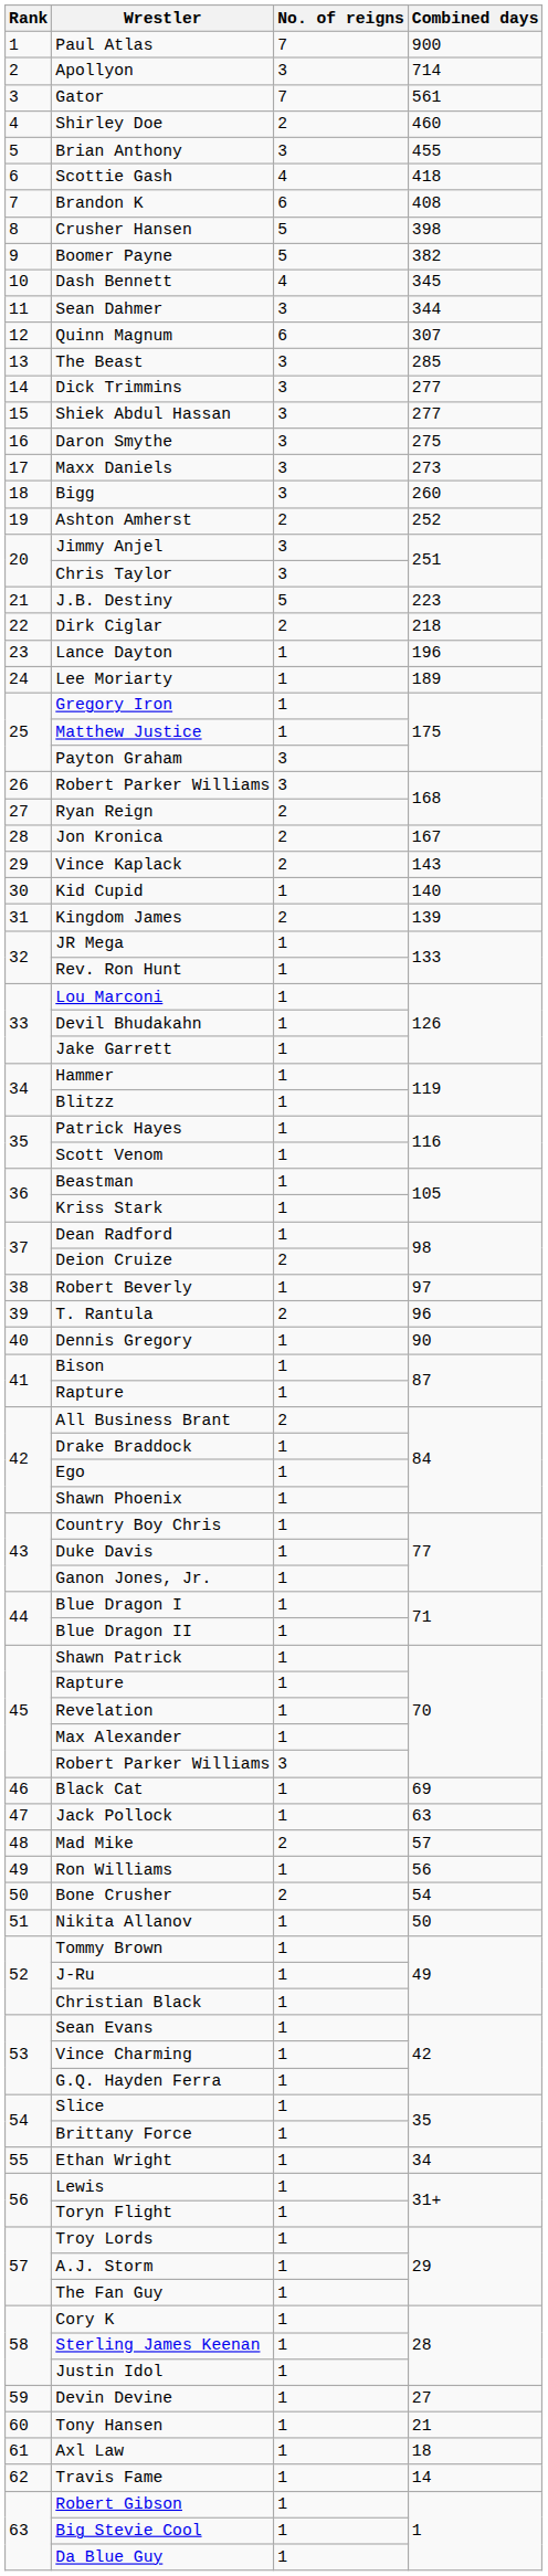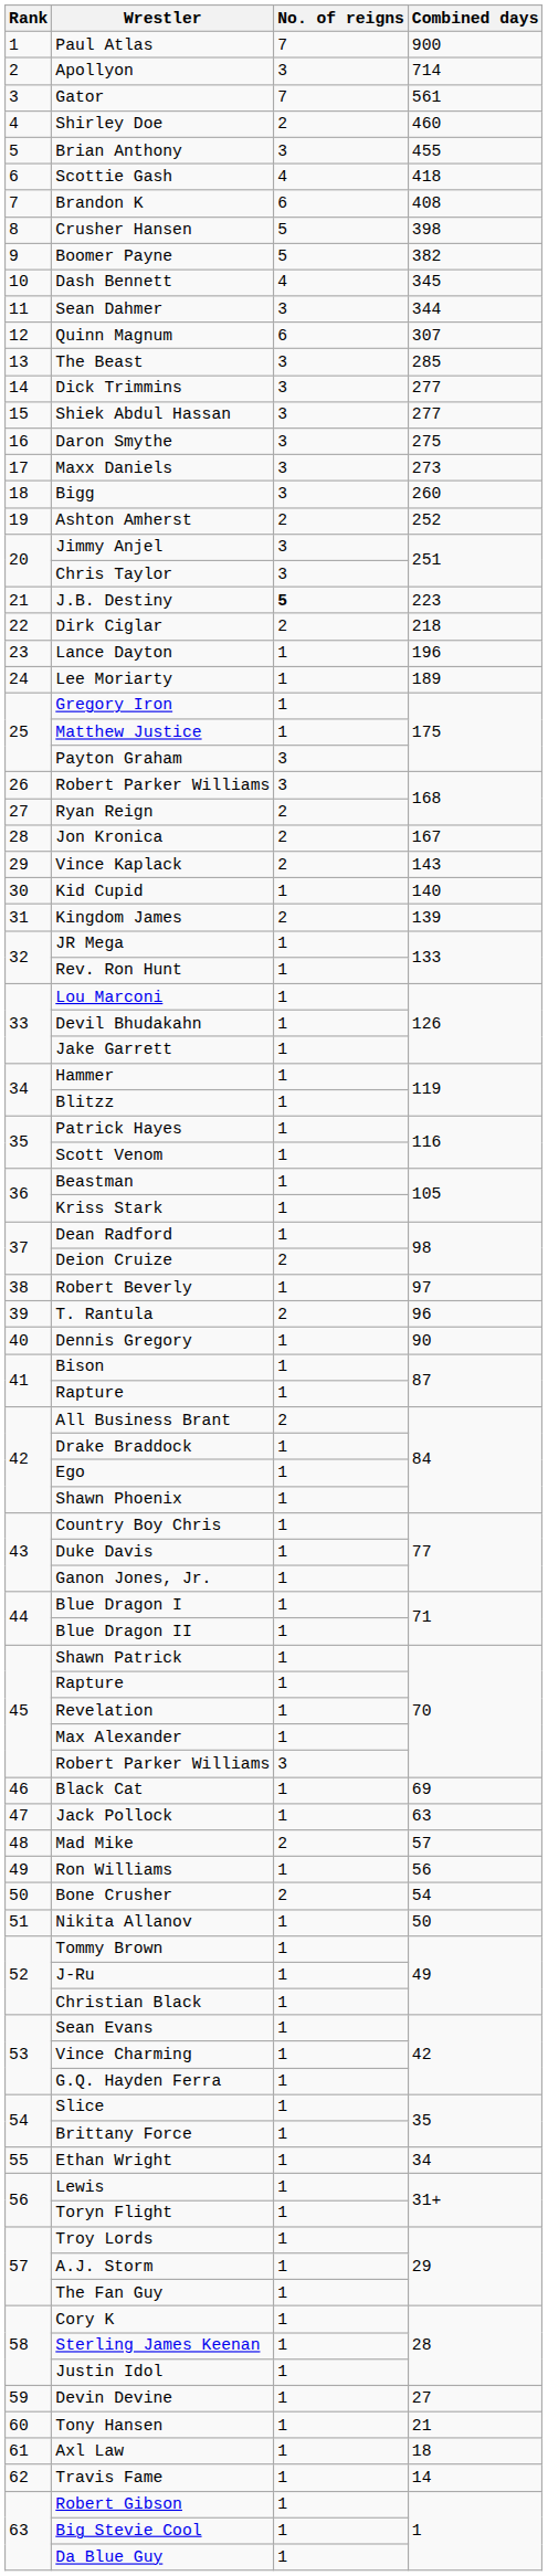 <table class="wikitable sortable">
 <tr>
 <th>Rank</th>
 <th>Wrestler</th>
 <th>No. of reigns</th>
 <th>Combined days</th>
 </tr>
 <tr>
 <td>1</td>
 <td>Paul Atlas</td>
 <td>7</td>
 <td>900</td>
 </tr>
 <tr>
 <td>2</td>
 <td>Apollyon</td>
 <td>3</td>
 <td>714</td>
 </tr>
 <tr>
 <td>3</td>
 <td>Gator</td>
 <td>7</td>
 <td>561</td>
 </tr>
 <tr>
 <td>4</td>
 <td>Shirley Doe</td>
 <td>2</td>
 <td>460</td>
 </tr>
 <tr>
 <td>5</td>
 <td>Brian Anthony</td>
 <td>3</td>
 <td>455</td>
 </tr>
 <tr>
 <td>6</td>
 <td>Scottie Gash</td>
 <td>4</td>
 <td>418</td>
 </tr>
 <tr>
 <td>7</td>
 <td>Brandon K</td>
 <td>6</td>
 <td>408</td>
 </tr>
 <tr>
 <td>8</td>
 <td>Crusher Hansen</td>
 <td>5</td>
 <td>398</td>
 </tr>
 <tr>
 <td>9</td>
 <td>Boomer Payne</td>
 <td>5</td>
 <td>382</td>
 </tr>
 <tr>
 <td>10</td>
 <td>Dash Bennett</td>
 <td>4</td>
 <td>345</td>
 </tr>
 <tr>
 <td>11</td>
 <td>Sean Dahmer</td>
 <td>3</td>
 <td>344</td>
 </tr>
 <tr>
 <td>12</td>
 <td>Quinn Magnum</td>
 <td>6</td>
 <td>307</td>
 </tr>
 <tr>
 <td>13</td>
 <td>The Beast</td>
 <td>3</td>
 <td>285</td>
 </tr>
 <tr>
 <td>14</td>
 <td>Dick Trimmins</td>
 <td>3</td>
 <td>277</td>
 </tr>
 <tr>
 <td>15</td>
 <td>Shiek Abdul Hassan</td>
 <td>3</td>
 <td>277</td>
 </tr>
 <tr>
 <td>16</td>
 <td>Daron Smythe</td>
 <td>3</td>
 <td>275</td>
 </tr>
 <tr>
 <td>17</td>
 <td>Maxx Daniels</td>
 <td>3</td>
 <td>273</td>
 </tr>
 <tr>
 <td>18</td>
 <td>Bigg</td>
 <td>3</td>
 <td>260</td>
 </tr>
 <tr>
 <td>19</td>
 <td>Ashton Amherst</td>
 <td>2</td>
 <td>252</td>
 </tr>
 <tr>
 <td rowspan=2>20</td>
 <td>Jimmy Anjel</td>
 <td>3</td>
 <td rowspan=2>251</td>
 </tr>
 <tr>
 <td>Chris Taylor</td>
 <td>3</td>
 </tr>
 <tr>
 <td>21</td>
 <td>J.B. Destiny</td>
-<td>5</td>
+<td><strong>5</strong></td>
 <td>223</td>
 </tr>
 <tr>
 <td>22</td>
 <td>Dirk Ciglar</td>
 <td>2</td>
 <td>218</td>
 </tr>
 <tr>
 <td>23</td>
 <td>Lance Dayton</td>
 <td>1</td>
 <td>196</td>
 </tr>
 <tr>
 <td>24</td>
 <td>Lee Moriarty</td>
 <td>1</td>
 <td>189</td>
 </tr>
 <tr>
 <td rowspan=3>25</td>
 <td><a href='#'>Gregory Iron</a></td>
 <td>1</td>
 <td rowspan=3>175</td>
 </tr>
 <tr>
 <td><a href='#'>Matthew Justice</a></td>
 <td>1</td>
 </tr>
 <tr>
 <td>Payton Graham</td>
 <td>3</td>
 </tr>
 <tr>
 <td>26</td>
 <td>Robert Parker Williams</td>
 <td>3</td>
 <td rowspan=2>168</td>
 </tr>
 <tr>
 <td>27</td>
 <td>Ryan Reign</td>
 <td>2</td>
 </tr>
 <tr>
 <td>28</td>
 <td>Jon Kronica</td>
 <td>2</td>
 <td>167</td>
 </tr>
 <tr>
 <td>29</td>
 <td>Vince Kaplack</td>
 <td>2</td>
 <td>143</td>
 </tr>
 <tr>
 <td>30</td>
 <td>Kid Cupid</td>
 <td>1</td>
 <td>140</td>
 </tr>
 <tr>
 <td>31</td>
 <td>Kingdom James</td>
 <td>2</td>
 <td>139</td>
 </tr>
 <tr>
 <td rowspan=2>32</td>
 <td>JR Mega</td>
 <td>1</td>
 <td rowspan=2>133</td>
 </tr>
 <tr>
 <td>Rev. Ron Hunt</td>
 <td>1</td>
 </tr>
 <tr>
 <td rowspan=3>33</td>
 <td><a href='#'>Lou Marconi</a></td>
 <td>1</td>
 <td rowspan=3>126</td>
 </tr>
 <tr>
 <td>Devil Bhudakahn</td>
 <td>1</td>
 </tr>
 <tr>
 <td>Jake Garrett</td>
 <td>1</td>
 </tr>
 <tr>
 <td rowspan=2>34</td>
 <td>Hammer</td>
 <td>1</td>
 <td rowspan=2>119</td>
 </tr>
 <tr>
 <td>Blitzz</td>
 <td>1</td>
 </tr>
 <tr>
 <td rowspan=2>35</td>
 <td>Patrick Hayes</td>
 <td>1</td>
 <td rowspan=2>116</td>
 </tr>
 <tr>
 <td>Scott Venom</td>
 <td>1</td>
 </tr>
 <tr>
 <td rowspan=2>36</td>
 <td>Beastman</td>
 <td>1</td>
 <td rowspan=2>105</td>
 </tr>
 <tr>
 <td>Kriss Stark</td>
 <td>1</td>
 </tr>
 <tr>
 <td rowspan=2>37</td>
 <td>Dean Radford</td>
 <td>1</td>
 <td rowspan=2>98</td>
 </tr>
 <tr>
 <td>Deion Cruize</td>
 <td>2</td>
 </tr>
 <tr>
 <td>38</td>
 <td>Robert Beverly</td>
 <td>1</td>
 <td>97</td>
 </tr>
 <tr>
 <td>39</td>
 <td>T. Rantula</td>
 <td>2</td>
 <td>96</td>
 </tr>
 <tr>
 <td>40</td>
 <td>Dennis Gregory</td>
 <td>1</td>
 <td>90</td>
 </tr>
 <tr>
 <td rowspan=2>41</td>
 <td>Bison</td>
 <td>1</td>
 <td rowspan=2>87</td>
 </tr>
 <tr>
 <td>Rapture</td>
 <td>1</td>
 </tr>
 <tr>
 <td rowspan=4>42</td>
 <td>All Business Brant</td>
 <td>2</td>
 <td rowspan=4>84</td>
 </tr>
 <tr>
 <td>Drake Braddock</td>
 <td>1</td>
 </tr>
 <tr>
 <td>Ego</td>
 <td>1</td>
 </tr>
 <tr>
 <td>Shawn Phoenix</td>
 <td>1</td>
 </tr>
 <tr>
 <td rowspan=3>43</td>
 <td>Country Boy Chris</td>
 <td>1</td>
 <td rowspan=3>77</td>
 </tr>
 <tr>
 <td>Duke Davis</td>
 <td>1</td>
 </tr>
 <tr>
 <td>Ganon Jones, Jr.</td>
 <td>1</td>
 </tr>
 <tr>
 <td rowspan=2>44</td>
 <td>Blue Dragon I</td>
 <td>1</td>
 <td rowspan=2>71</td>
 </tr>
 <tr>
 <td>Blue Dragon II</td>
 <td>1</td>
 </tr>
 <tr>
 <td rowspan=5>45</td>
 <td>Shawn Patrick</td>
 <td>1</td>
 <td rowspan=5>70</td>
 </tr>
 <tr>
 <td>Rapture</td>
 <td>1</td>
 </tr>
 <tr>
 <td>Revelation</td>
 <td>1</td>
 </tr>
 <tr>
 <td>Max Alexander</td>
 <td>1</td>
 </tr>
 <tr>
 <td>Robert Parker Williams</td>
 <td>3</td>
 </tr>
 <tr>
 <td>46</td>
 <td>Black Cat</td>
 <td>1</td>
 <td>69</td>
 </tr>
 <tr>
 <td>47</td>
 <td>Jack Pollock</td>
 <td>1</td>
 <td>63</td>
 </tr>
 <tr>
 <td>48</td>
 <td>Mad Mike</td>
 <td>2</td>
 <td>57</td>
 </tr>
 <tr>
 <td>49</td>
 <td>Ron Williams</td>
 <td>1</td>
 <td>56</td>
 </tr>
 <tr>
 <td>50</td>
 <td>Bone Crusher</td>
 <td>2</td>
 <td>54</td>
 </tr>
 <tr>
 <td>51</td>
 <td>Nikita Allanov</td>
 <td>1</td>
 <td>50</td>
 </tr>
 <tr>
 <td rowspan=3>52</td>
 <td>Tommy Brown</td>
 <td>1</td>
 <td rowspan=3>49</td>
 </tr>
 <tr>
 <td>J-Ru</td>
 <td>1</td>
 </tr>
 <tr>
 <td>Christian Black</td>
 <td>1</td>
 </tr>
 <tr>
 <td rowspan=3>53</td>
 <td>Sean Evans</td>
 <td>1</td>
 <td rowspan=3>42</td>
 </tr>
 <tr>
 <td>Vince Charming</td>
 <td>1</td>
 </tr>
 <tr>
 <td>G.Q. Hayden Ferra</td>
 <td>1</td>
 </tr>
 <tr>
 <td rowspan=2>54</td>
 <td>Slice</td>
 <td>1</td>
 <td rowspan=2>35</td>
 </tr>
 <tr>
 <td>Brittany Force</td>
 <td>1</td>
 </tr>
 <tr>
 <td>55</td>
 <td>Ethan Wright</td>
 <td>1</td>
 <td>34</td>
 </tr>
 <tr>
 <td rowspan=2>56</td>
 <td>Lewis</td>
 <td>1</td>
 <td rowspan=2>31+</td>
 </tr>
 <tr>
 <td>Toryn Flight</td>
 <td>1</td>
 </tr>
 <tr>
 <td rowspan=3>57</td>
 <td>Troy Lords</td>
 <td>1</td>
 <td rowspan=3>29</td>
 </tr>
 <tr>
 <td>A.J. Storm</td>
 <td>1</td>
 </tr>
 <tr>
 <td>The Fan Guy</td>
 <td>1</td>
 </tr>
 <tr>
 <td rowspan=3>58</td>
 <td>Cory K</td>
 <td>1</td>
 <td rowspan=3>28</td>
 </tr>
 <tr>
 <td><a href='#'>Sterling James Keenan</a></td>
 <td>1</td>
 </tr>
 <tr>
 <td>Justin Idol</td>
 <td>1</td>
 </tr>
 <tr>
 <td>59</td>
 <td>Devin Devine</td>
 <td>1</td>
 <td>27</td>
 </tr>
 <tr>
 <td>60</td>
 <td>Tony Hansen</td>
 <td>1</td>
 <td>21</td>
 </tr>
 <tr>
 <td>61</td>
 <td>Axl Law</td>
 <td>1</td>
 <td>18</td>
 </tr>
 <tr>
 <td>62</td>
 <td>Travis Fame</td>
 <td>1</td>
 <td>14</td>
 </tr>
 <tr>
 <td rowspan=3>63</td>
 <td><a href='#'>Robert Gibson</a></td>
 <td>1</td>
 <td rowspan=3>1</td>
 </tr>
 <tr>
 <td><a href='#'>Big Stevie Cool</a></td>
 <td>1</td>
 </tr>
 <tr>
 <td><a href='#'>Da Blue Guy</a></td>
 <td>1</td>
 </tr>
 </table>
